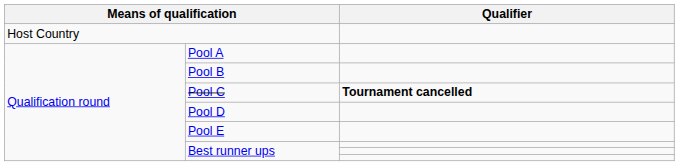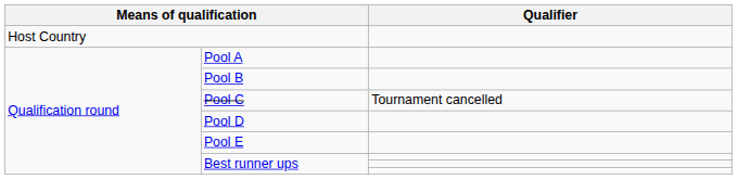 <table class="wikitable">
 <tr>
 <th colspan=2 width=30%>Means of qualification</th>
 <th width=30%>Qualifier</th>
 </tr>
 <tr>
 <td colspan=2>Host Country</td>
 <td></td>
 </tr>
 <tr>
 <td rowspan=8><a href='#'>Qualification round</a></td>
 <td><a href='#'>Pool A</a></td>
 <td></td>
 </tr>
 <tr>
 <td><a href='#'>Pool B</a></td>
 <td></td>
 </tr>
 <tr>
 <td><s><a href='#'>Pool C</a></s></td>
-<td><strong>Tournament cancelled</strong></td>
+<td>Tournament cancelled</td>
 </tr>
 <tr>
 <td><a href='#'>Pool D</a></td>
 <td></td>
 </tr>
 <tr>
 <td><a href='#'>Pool E</a></td>
 <td></td>
 </tr>
 <tr>
 <td rowspan=3><a href='#'>Best runner ups</a></td>
 <td></td>
 </tr>
 <tr>
 <td></td>
 </tr>
 <tr>
 <td></td>
 </tr>
 </table>
